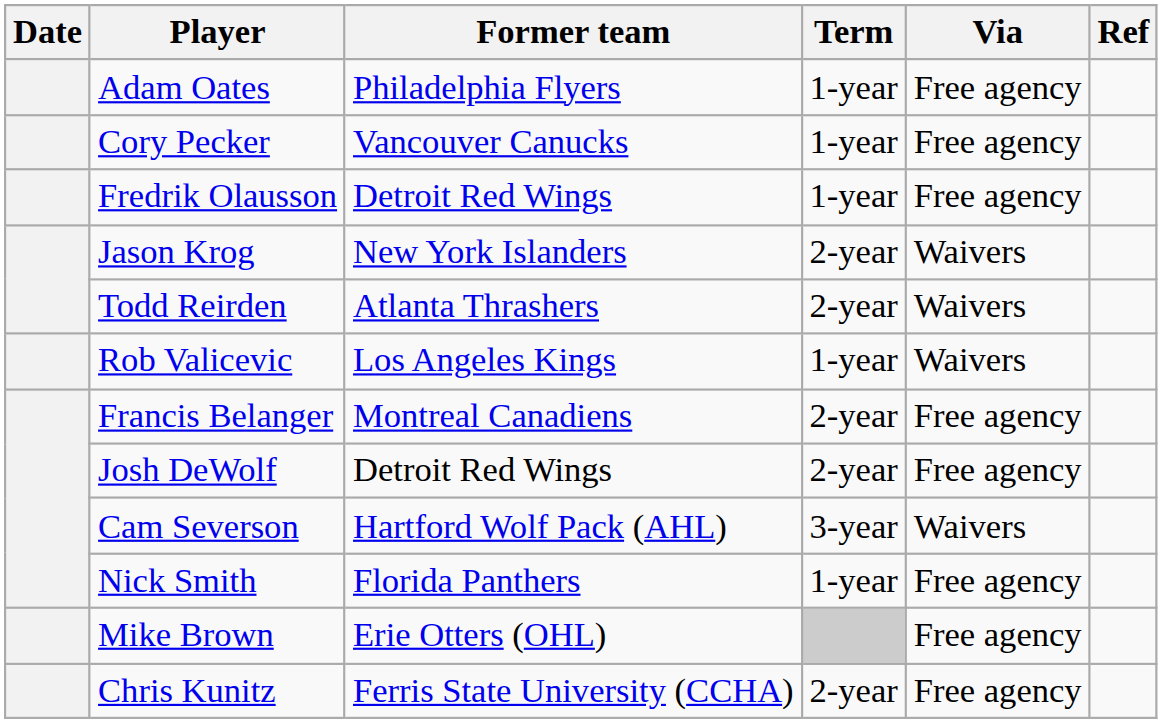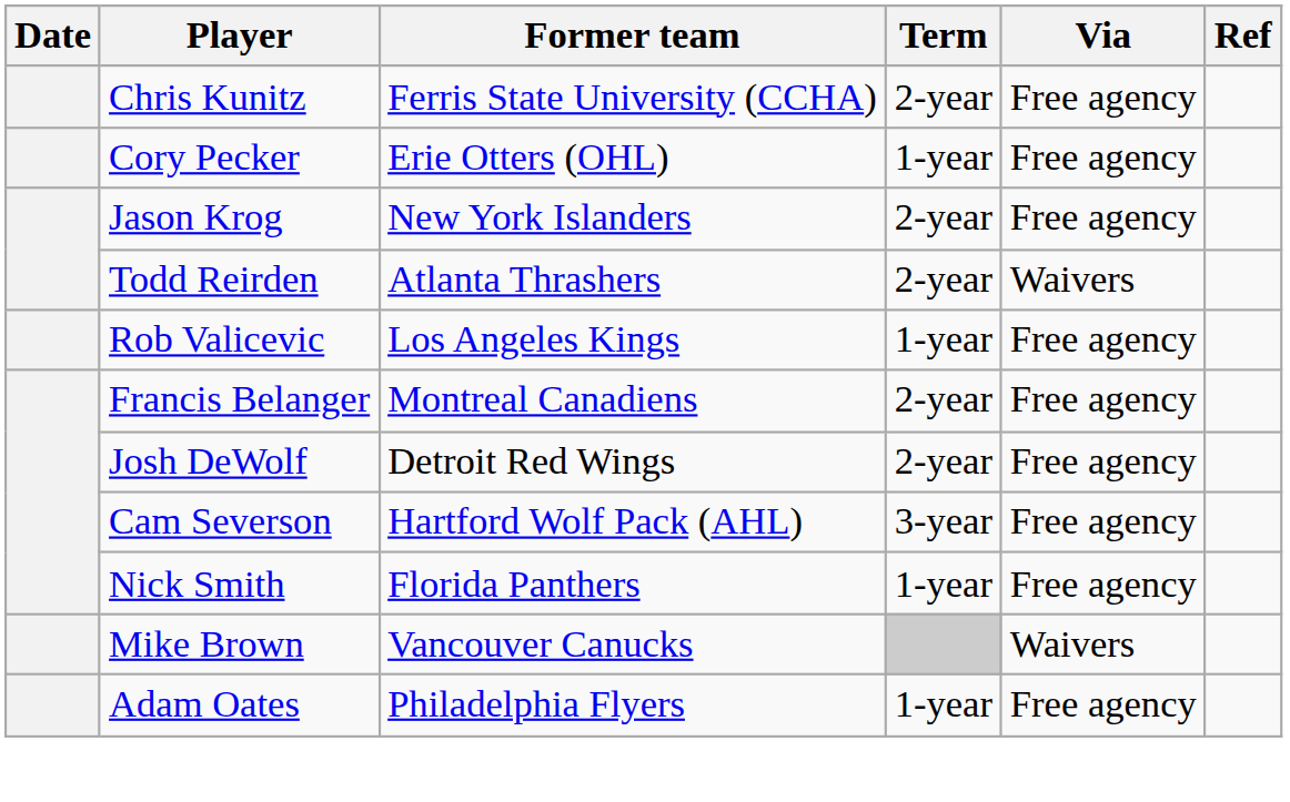 <table class="wikitable plainrowheaders">
 <tr style="background:#ddd; text-align:center;">
 <th>Date</th>
 <th>Player</th>
 <th>Former team</th>
 <th>Term</th>
 <th>Via</th>
 <th>Ref</th>
 </tr>
 <tr>
 <th scope="row"></th>
-<td><a href='#'>Adam Oates</a></td>
-<td><a href='#'>Philadelphia Flyers</a></td>
-<td>1-year</td>
+<td><a href='#'>Chris Kunitz</a></td>
+<td><a href='#'>Ferris State University</a> (<a href='#'>CCHA</a>)</td>
+<td>2-year</td>
 <td>Free agency</td>
 <td></td>
 </tr>
 <tr>
 <th scope="row"></th>
 <td><a href='#'>Cory Pecker</a></td>
-<td><a href='#'>Vancouver Canucks</a></td>
-<td>1-year</td>
-<td>Free agency</td>
-<td></td>
-</tr>
-<tr>
-<th scope="row"></th>
-<td><a href='#'>Fredrik Olausson</a></td>
-<td><a href='#'>Detroit Red Wings</a></td>
+<td><a href='#'>Erie Otters</a> (<a href='#'>OHL</a>)</td>
 <td>1-year</td>
 <td>Free agency</td>
 <td></td>
 </tr>
 <tr>
 <th scope="row" rowspan=2></th>
 <td><a href='#'>Jason Krog</a></td>
 <td><a href='#'>New York Islanders</a></td>
 <td>2-year</td>
-<td>Waivers</td>
+<td>Free agency</td>
 <td></td>
 </tr>
 <tr>
 <td><a href='#'>Todd Reirden</a></td>
 <td><a href='#'>Atlanta Thrashers</a></td>
 <td>2-year</td>
 <td>Waivers</td>
 <td></td>
 </tr>
 <tr>
 <th scope="row"></th>
 <td><a href='#'>Rob Valicevic</a></td>
 <td><a href='#'>Los Angeles Kings</a></td>
 <td>1-year</td>
-<td>Waivers</td>
+<td>Free agency</td>
 <td></td>
 </tr>
 <tr>
 <th scope="row" rowspan=4></th>
 <td><a href='#'>Francis Belanger</a></td>
 <td><a href='#'>Montreal Canadiens</a></td>
 <td>2-year</td>
 <td>Free agency</td>
 <td></td>
 </tr>
 <tr>
 <td><a href='#'>Josh DeWolf</a></td>
 <td>Detroit Red Wings</td>
 <td>2-year</td>
 <td>Free agency</td>
 <td></td>
 </tr>
 <tr>
 <td><a href='#'>Cam Severson</a></td>
 <td><a href='#'>Hartford Wolf Pack</a> (<a href='#'>AHL</a>)</td>
 <td>3-year</td>
-<td>Waivers</td>
+<td>Free agency</td>
 <td></td>
 </tr>
 <tr>
 <td><a href='#'>Nick Smith</a></td>
 <td><a href='#'>Florida Panthers</a></td>
 <td>1-year</td>
 <td>Free agency</td>
 <td></td>
 </tr>
 <tr>
 <th scope="row"></th>
 <td><a href='#'>Mike Brown</a></td>
-<td><a href='#'>Erie Otters</a> (<a href='#'>OHL</a>)</td>
+<td><a href='#'>Vancouver Canucks</a></td>
 <td style="background:#ccc"></td>
-<td>Free agency</td>
+<td>Waivers</td>
 <td></td>
 </tr>
 <tr>
 <th scope="row"></th>
-<td><a href='#'>Chris Kunitz</a></td>
-<td><a href='#'>Ferris State University</a> (<a href='#'>CCHA</a>)</td>
-<td>2-year</td>
+<td><a href='#'>Adam Oates</a></td>
+<td><a href='#'>Philadelphia Flyers</a></td>
+<td>1-year</td>
 <td>Free agency</td>
 <td></td>
 </tr>
 </table>
